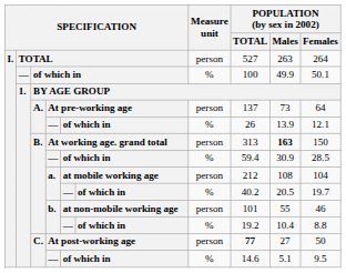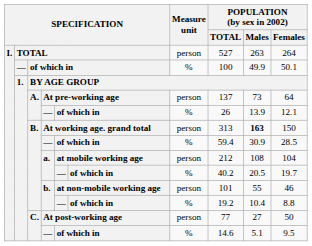 <table class="wikitable" style="font-size:85%; text-align:center">
 <tr>
 <th rowspan="2" colspan="6">SPECIFICATION</th>
 <th rowspan="2">Measure<br> unit</th>
 <th colspan="3" rowspan="1">POPULATION<br> (by sex in 2002)</th>
 </tr>
 <tr>
 <th>TOTAL</th>
 <th>Males</th>
 <th>Females</th>
 </tr>
 <tr>
 <th style="text-align:left" valign="top" rowspan="13">I.</th>
 <th style="text-align:left" colspan="5">TOTAL</th>
 <td>person</td>
 <td>527</td>
 <td>263</td>
 <td>264</td>
 </tr>
 <tr>
 <th style="text-align:left" valign="top">—</th>
 <th style="text-align:left" colspan="4">of which in</th>
 <td>%</td>
 <td>100</td>
 <td>49.9</td>
 <td>50.1</td>
 </tr>
 <tr>
 <th style="text-align:left" valign="top" rowspan="11">1.</th>
 <th style="text-align:left" colspan="19">BY AGE GROUP</th>
 </tr>
 <tr>
 <th style="text-align:left" valign="top" rowspan="2">A.</th>
 <th style="text-align:left" colspan="3">At pre-working age</th>
 <td>person</td>
 <td>137</td>
 <td>73</td>
 <td>64</td>
 </tr>
 <tr>
 <th style="text-align:left" valign="top">—</th>
 <th style="text-align:left" valign="top" colspan="2">of which in</th>
 <td>%</td>
 <td>26</td>
 <td>13.9</td>
 <td>12.1</td>
 </tr>
 <tr>
 <th style="text-align:left" valign="top" rowspan="6">B.</th>
 <th style="text-align:left" colspan="3">At working age. grand total</th>
 <td>person</td>
 <td>313</td>
 <td><strong>163</strong></td>
 <td>150</td>
 </tr>
 <tr>
 <th style="text-align:left" valign="top">—</th>
 <th style="text-align:left" valign="top" colspan="2">of which in</th>
 <td>%</td>
 <td>59.4</td>
 <td>30.9</td>
 <td>28.5</td>
 </tr>
 <tr>
 <th style="text-align:left" valign="top" rowspan="2">a.</th>
 <th style="text-align:left" colspan="2">at mobile working age</th>
 <td>person</td>
 <td>212</td>
 <td>108</td>
 <td>104</td>
 </tr>
 <tr>
 <th style="text-align:left" valign="top">—</th>
 <th style="text-align:left" valign="top" colspan="1">of which in                        </th>
 <td>%</td>
 <td>40.2</td>
 <td>20.5</td>
 <td>19.7</td>
 </tr>
 <tr>
 <th style="text-align:left" valign="top" rowspan="2">b.</th>
 <th style="text-align:left" colspan="2">at non-mobile working age</th>
 <td>person</td>
 <td>101</td>
 <td>55</td>
 <td>46</td>
 </tr>
 <tr>
 <th style="text-align:left" valign="top">—</th>
 <th style="text-align:left" valign="top" colspan="1">of which in                        </th>
 <td>%</td>
 <td>19.2</td>
 <td>10.4</td>
 <td>8.8</td>
 </tr>
 <tr>
 <th style="text-align:left" valign="top" rowspan="2">C.</th>
 <th style="text-align:left" colspan="3">At post-working age</th>
 <td>person</td>
-<td><strong>77</strong></td>
+<td>77</td>
 <td>27</td>
 <td>50</td>
 </tr>
 <tr>
 <th style="text-align:left" valign="top">—</th>
 <th style="text-align:left" valign="top" colspan="2">of which in</th>
 <td>%</td>
 <td>14.6</td>
 <td>5.1</td>
 <td>9.5</td>
 </tr>
 </table>
